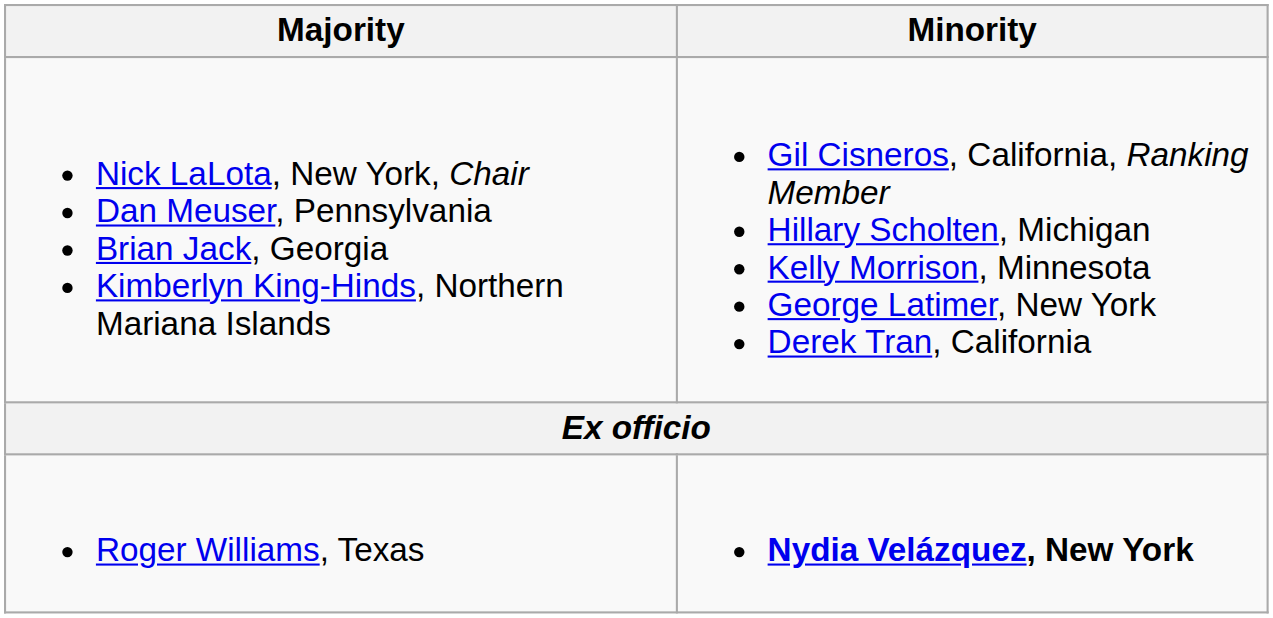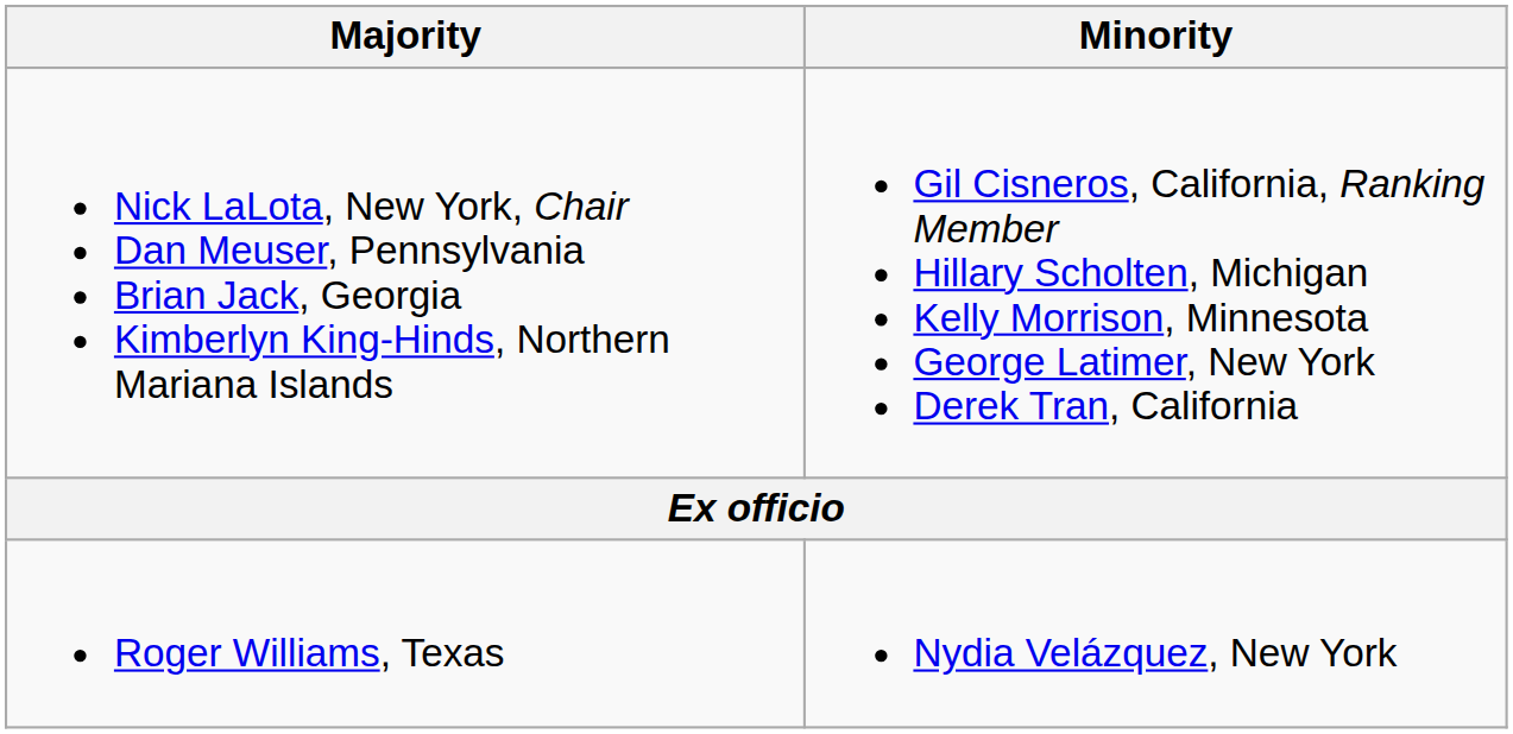 <table class=wikitable>
 <tr>
 <th>Majority</th>
 <th>Minority</th>
 </tr>
 <tr>
 <td><br><ul><li><a href='#'>Nick LaLota</a>, New York, <em>Chair</em></li><li><a href='#'>Dan Meuser</a>, Pennsylvania</li><li><a href='#'>Brian Jack</a>, Georgia</li><li><a href='#'>Kimberlyn King-Hinds</a>, Northern Mariana Islands</li></ul></td>
 <td><br><ul><li><a href='#'>Gil Cisneros</a>, California, <em>Ranking Member</em></li><li><a href='#'>Hillary Scholten</a>, Michigan</li><li><a href='#'>Kelly Morrison</a>, Minnesota</li><li><a href='#'>George Latimer</a>, New York</li><li><a href='#'>Derek Tran</a>, California</li></ul></td>
 </tr>
 <tr>
 <th colspan=2><em>Ex officio</em></th>
 </tr>
 <tr>
 <td><br><ul><li><a href='#'>Roger Williams</a>, Texas</li></ul></td>
-<td><strong><br><ul><li><a href='#'>Nydia Velázquez</a>, New York</li></ul></strong></td>
+<td><br><ul><li><a href='#'>Nydia Velázquez</a>, New York</li></ul></td>
 </tr>
 </table>
